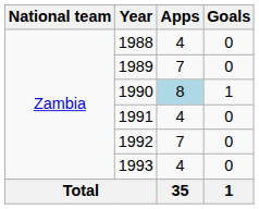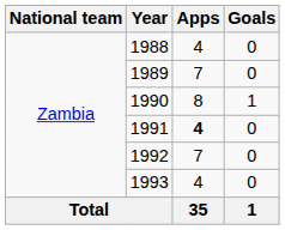 <table class="wikitable" style="text-align: center;">
 <tr>
 <th>National team</th>
 <th>Year</th>
 <th>Apps</th>
 <th>Goals</th>
 </tr>
 <tr>
 <td rowspan="6"><a href='#'>Zambia</a></td>
 <td>1988</td>
 <td>4</td>
 <td>0</td>
 </tr>
 <tr>
 <td>1989</td>
 <td>7</td>
 <td>0</td>
 </tr>
 <tr>
 <td>1990</td>
-<td style="background: lightblue;">8</td>
+<td>8</td>
 <td>1</td>
 </tr>
 <tr>
 <td>1991</td>
-<td>4</td>
+<td><strong>4</strong></td>
 <td>0</td>
 </tr>
 <tr>
 <td>1992</td>
 <td>7</td>
 <td>0</td>
 </tr>
 <tr>
 <td>1993</td>
 <td>4</td>
 <td>0</td>
 </tr>
 <tr>
 <th colspan="2">Total</th>
 <th>35</th>
 <th>1</th>
 </tr>
 </table>
